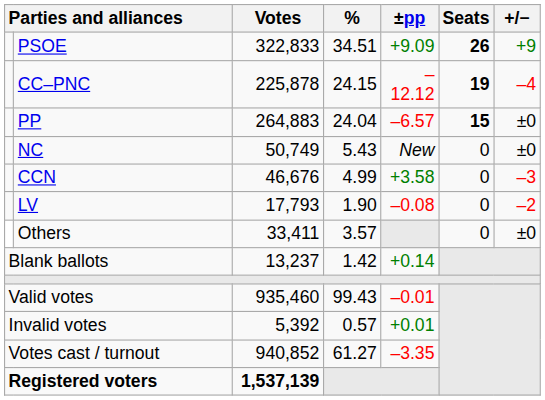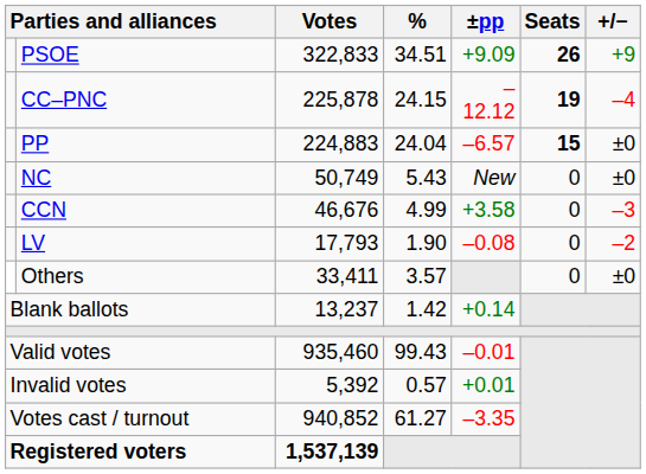 <table class="wikitable" style="text-align:right;">
 <tr>
 <th style="text-align:left;" colspan="2" width="200">Parties and alliances</th>
 <th width="75">Votes</th>
 <th width="45">%</th>
 <th width="45">±<a href='#'>pp</a></th>
 <th width="35">Seats</th>
 <th width="35">+/−</th>
 </tr>
 <tr>
 <td width="1" style="color:inherit;background:"></td>
 <td align="left"><a href='#'>PSOE</a></td>
 <td>322,833</td>
 <td>34.51</td>
 <td style="color:green;">+9.09</td>
 <td><strong>26</strong></td>
 <td style="color:green;">+9</td>
 </tr>
 <tr>
 <td style="color:inherit;background:"></td>
 <td align="left"><a href='#'>CC–PNC</a></td>
 <td>225,878</td>
 <td>24.15</td>
 <td style="color:red;">–12.12</td>
 <td><strong>19</strong></td>
 <td style="color:red;">–4</td>
 </tr>
 <tr>
 <td style="color:inherit;background:"></td>
 <td align="left"><a href='#'>PP</a></td>
-<td>264,883</td>
+<td>224,883</td>
 <td>24.04</td>
 <td style="color:red;">–6.57</td>
 <td><strong>15</strong></td>
 <td>±0</td>
 </tr>
 <tr>
 <td style="color:inherit;background:"></td>
 <td align="left"><a href='#'>NC</a></td>
 <td>50,749</td>
 <td>5.43</td>
 <td><em>New</em></td>
 <td>0</td>
 <td>±0</td>
 </tr>
 <tr>
 <td style="color:inherit;background:"></td>
 <td align="left"><a href='#'>CCN</a></td>
 <td>46,676</td>
 <td>4.99</td>
 <td style="color:green;">+3.58</td>
 <td>0</td>
 <td style="color:red;">–3</td>
 </tr>
 <tr>
 <td style="color:inherit;background:"></td>
 <td align="left"><a href='#'>LV</a></td>
 <td>17,793</td>
 <td>1.90</td>
 <td style="color:red;">–0.08</td>
 <td>0</td>
 <td style="color:red;">–2</td>
 </tr>
 <tr>
 <td bgcolor="white"></td>
 <td align="left">Others</td>
 <td>33,411</td>
 <td>3.57</td>
 <td bgcolor="#E9E9E9"></td>
 <td>0</td>
 <td>±0</td>
 </tr>
 <tr>
 <td align="left" colspan="2">Blank ballots</td>
 <td>13,237</td>
 <td>1.42</td>
 <td style="color:green;">+0.14</td>
 <td bgcolor="#E9E9E9" colspan="2"></td>
 </tr>
 <tr>
 <td colspan="7" bgcolor="#E9E9E9"></td>
 </tr>
 <tr>
 <td align="left" colspan="2">Valid votes</td>
 <td>935,460</td>
 <td>99.43</td>
 <td style="color:red;">–0.01</td>
 <td bgcolor="#E9E9E9" colspan="2" rowspan="4"></td>
 </tr>
 <tr>
 <td align="left" colspan="2">Invalid votes</td>
 <td>5,392</td>
 <td>0.57</td>
 <td style="color:green;">+0.01</td>
 </tr>
 <tr>
 <td align="left" colspan="2">Votes cast / turnout</td>
 <td>940,852</td>
 <td>61.27</td>
 <td style="color:red;">–3.35</td>
 </tr>
 <tr style="font-weight:bold;">
 <td align="left" colspan="2">Registered voters</td>
 <td>1,537,139</td>
 <td bgcolor="#E9E9E9" colspan="2"></td>
 </tr>
 </table>
